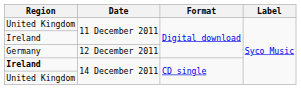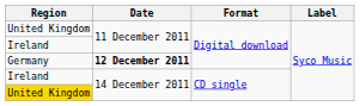 <table class="wikitable sortable">
 <tr>
 <th>Region</th>
 <th>Date</th>
 <th>Format</th>
 <th>Label</th>
 </tr>
 <tr>
 <td>United Kingdom</td>
 <td rowspan="2">11 December 2011</td>
 <td rowspan="3"><a href='#'>Digital download</a></td>
 <td rowspan="5"><a href='#'>Syco Music</a></td>
 </tr>
 <tr>
 <td>Ireland</td>
 </tr>
 <tr>
 <td>Germany</td>
-<td>12 December 2011</td>
+<td><strong>12 December 2011</strong></td>
 </tr>
 <tr>
-<td><strong>Ireland</strong></td>
+<td>Ireland</td>
 <td rowspan="2">14 December 2011</td>
 <td rowspan="2"><a href='#'>CD single</a></td>
 </tr>
 <tr>
-<td>United Kingdom</td>
+<td style="background: gold;">United Kingdom</td>
 </tr>
 </table>
